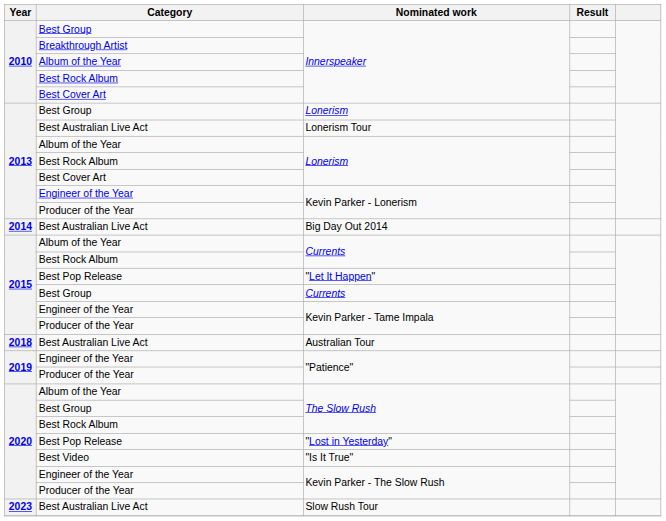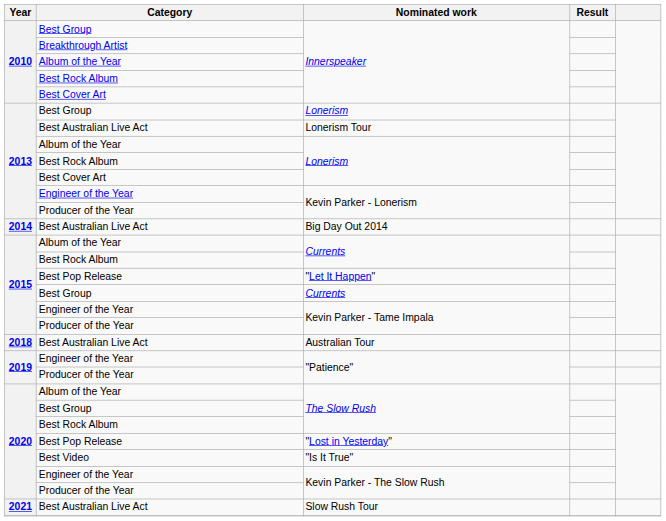 <table class="wikitable plainrowheaders" style="width:80%;">
 <tr>
 <th scope="col" style="width:4%;">Year</th>
 <th scope="col" style="width:35%;">Category</th>
 <th scope="col" style="width:35%;">Nominated work</th>
 <th scope="col" style="width:6%;">Result</th>
 <th scope="col" style="width:6%;"></th>
 </tr>
 <tr>
 <th scope="row" rowspan="5"><a href='#'>2010</a></th>
 <td><a href='#'>Best Group</a></td>
 <td rowspan="5"><em><a href='#'>Innerspeaker</a></em></td>
 <td></td>
 <td rowspan="5"></td>
 </tr>
 <tr>
 <td><a href='#'>Breakthrough Artist</a></td>
 <td></td>
 </tr>
 <tr>
 <td><a href='#'>Album of the Year</a></td>
 <td></td>
 </tr>
 <tr>
 <td><a href='#'>Best Rock Album</a></td>
 <td></td>
 </tr>
 <tr>
 <td><a href='#'>Best Cover Art</a></td>
 <td></td>
 </tr>
 <tr>
 <th scope="row" rowspan="7"><a href='#'>2013</a></th>
 <td>Best Group</td>
 <td><em><a href='#'>Lonerism</a></em></td>
 <td></td>
 <td rowspan="7"></td>
 </tr>
 <tr>
 <td>Best Australian Live Act</td>
 <td>Lonerism Tour</td>
 <td></td>
 </tr>
 <tr>
 <td>Album of the Year</td>
 <td rowspan="3"><em><a href='#'>Lonerism</a></em></td>
 <td></td>
 </tr>
 <tr>
 <td>Best Rock Album</td>
 <td></td>
 </tr>
 <tr>
 <td>Best Cover Art</td>
 <td></td>
 </tr>
 <tr>
 <td><a href='#'>Engineer of the Year</a></td>
 <td rowspan="2">Kevin Parker - Lonerism</td>
 <td></td>
 </tr>
 <tr>
 <td>Producer of the Year</td>
 <td></td>
 </tr>
 <tr>
 <th scope="row"><a href='#'>2014</a></th>
 <td>Best Australian Live Act</td>
 <td>Big Day Out 2014</td>
 <td></td>
 <td></td>
 </tr>
 <tr>
 <th scope="row" rowspan="6"><a href='#'>2015</a></th>
 <td>Album of the Year</td>
 <td rowspan="2"><em><a href='#'>Currents</a></em></td>
 <td></td>
 <td rowspan="6"></td>
 </tr>
 <tr>
 <td>Best Rock Album</td>
 <td></td>
 </tr>
 <tr>
 <td>Best Pop Release</td>
 <td>"<a href='#'>Let It Happen</a>"</td>
 <td></td>
 </tr>
 <tr>
 <td>Best Group</td>
 <td><em><a href='#'>Currents</a></em></td>
 <td></td>
 </tr>
 <tr>
 <td>Engineer of the Year</td>
 <td rowspan="2">Kevin Parker - Tame Impala</td>
 <td></td>
 </tr>
 <tr>
 <td>Producer of the Year</td>
 <td></td>
 </tr>
 <tr>
 <th scope="row"><a href='#'>2018</a></th>
 <td>Best Australian Live Act</td>
 <td>Australian Tour</td>
 <td></td>
 <td></td>
 </tr>
 <tr>
 <th scope="row" rowspan="2"><a href='#'>2019</a></th>
 <td>Engineer of the Year</td>
 <td rowspan="2">"Patience"</td>
 <td></td>
 <td></td>
 </tr>
 <tr>
 <td>Producer of the Year</td>
 <td></td>
 <td></td>
 </tr>
 <tr>
 <th scope="row" rowspan="7"><a href='#'>2020</a></th>
 <td>Album of the Year</td>
 <td rowspan="3"><em><a href='#'>The Slow Rush</a></em></td>
 <td></td>
 <td rowspan="7"></td>
 </tr>
 <tr>
 <td>Best Group</td>
 <td></td>
 </tr>
 <tr>
 <td>Best Rock Album</td>
 <td></td>
 </tr>
 <tr>
 <td>Best Pop Release</td>
 <td>"<a href='#'>Lost in Yesterday</a>"</td>
 <td></td>
 </tr>
 <tr>
 <td>Best Video</td>
 <td>"Is It True"</td>
 <td></td>
 </tr>
 <tr>
 <td>Engineer of the Year</td>
 <td rowspan="2">Kevin Parker - The Slow Rush</td>
 <td></td>
 </tr>
 <tr>
 <td>Producer of the Year</td>
 <td></td>
 </tr>
 <tr>
-<th scope="row"><a href='#'>2023</a></th>
+<th scope="row"><a href='#'>2021</a></th>
 <td>Best Australian Live Act</td>
 <td>Slow Rush Tour</td>
 <td></td>
 <td></td>
 </tr>
 <tr>
 </tr>
 </table>
